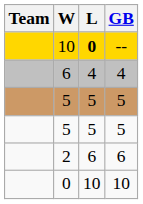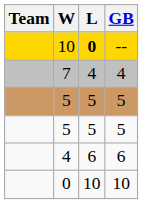 <table class="wikitable" style="text-align:center;">
 <tr>
 <th>Team</th>
 <th>W</th>
 <th>L</th>
 <th><a href='#'>GB</a></th>
 </tr>
 <tr bgcolor=gold>
 <td align="left"></td>
 <td>10</td>
 <td><strong>0</strong></td>
 <td>--</td>
 </tr>
 <tr bgcolor=silver>
 <td align="left"></td>
-<td>6</td>
+<td>7</td>
 <td>4</td>
 <td>4</td>
 </tr>
 <tr bgcolor="CC9966">
 <td align="left"></td>
 <td>5</td>
 <td>5</td>
 <td>5</td>
 </tr>
 <tr>
 <td align="left"></td>
 <td>5</td>
 <td>5</td>
 <td>5</td>
 </tr>
 <tr>
 <td align="left"></td>
-<td>2</td>
+<td>4</td>
 <td>6</td>
 <td>6</td>
 </tr>
 <tr>
 <td align="left"></td>
 <td>0</td>
 <td>10</td>
 <td>10</td>
 </tr>
 </table>
